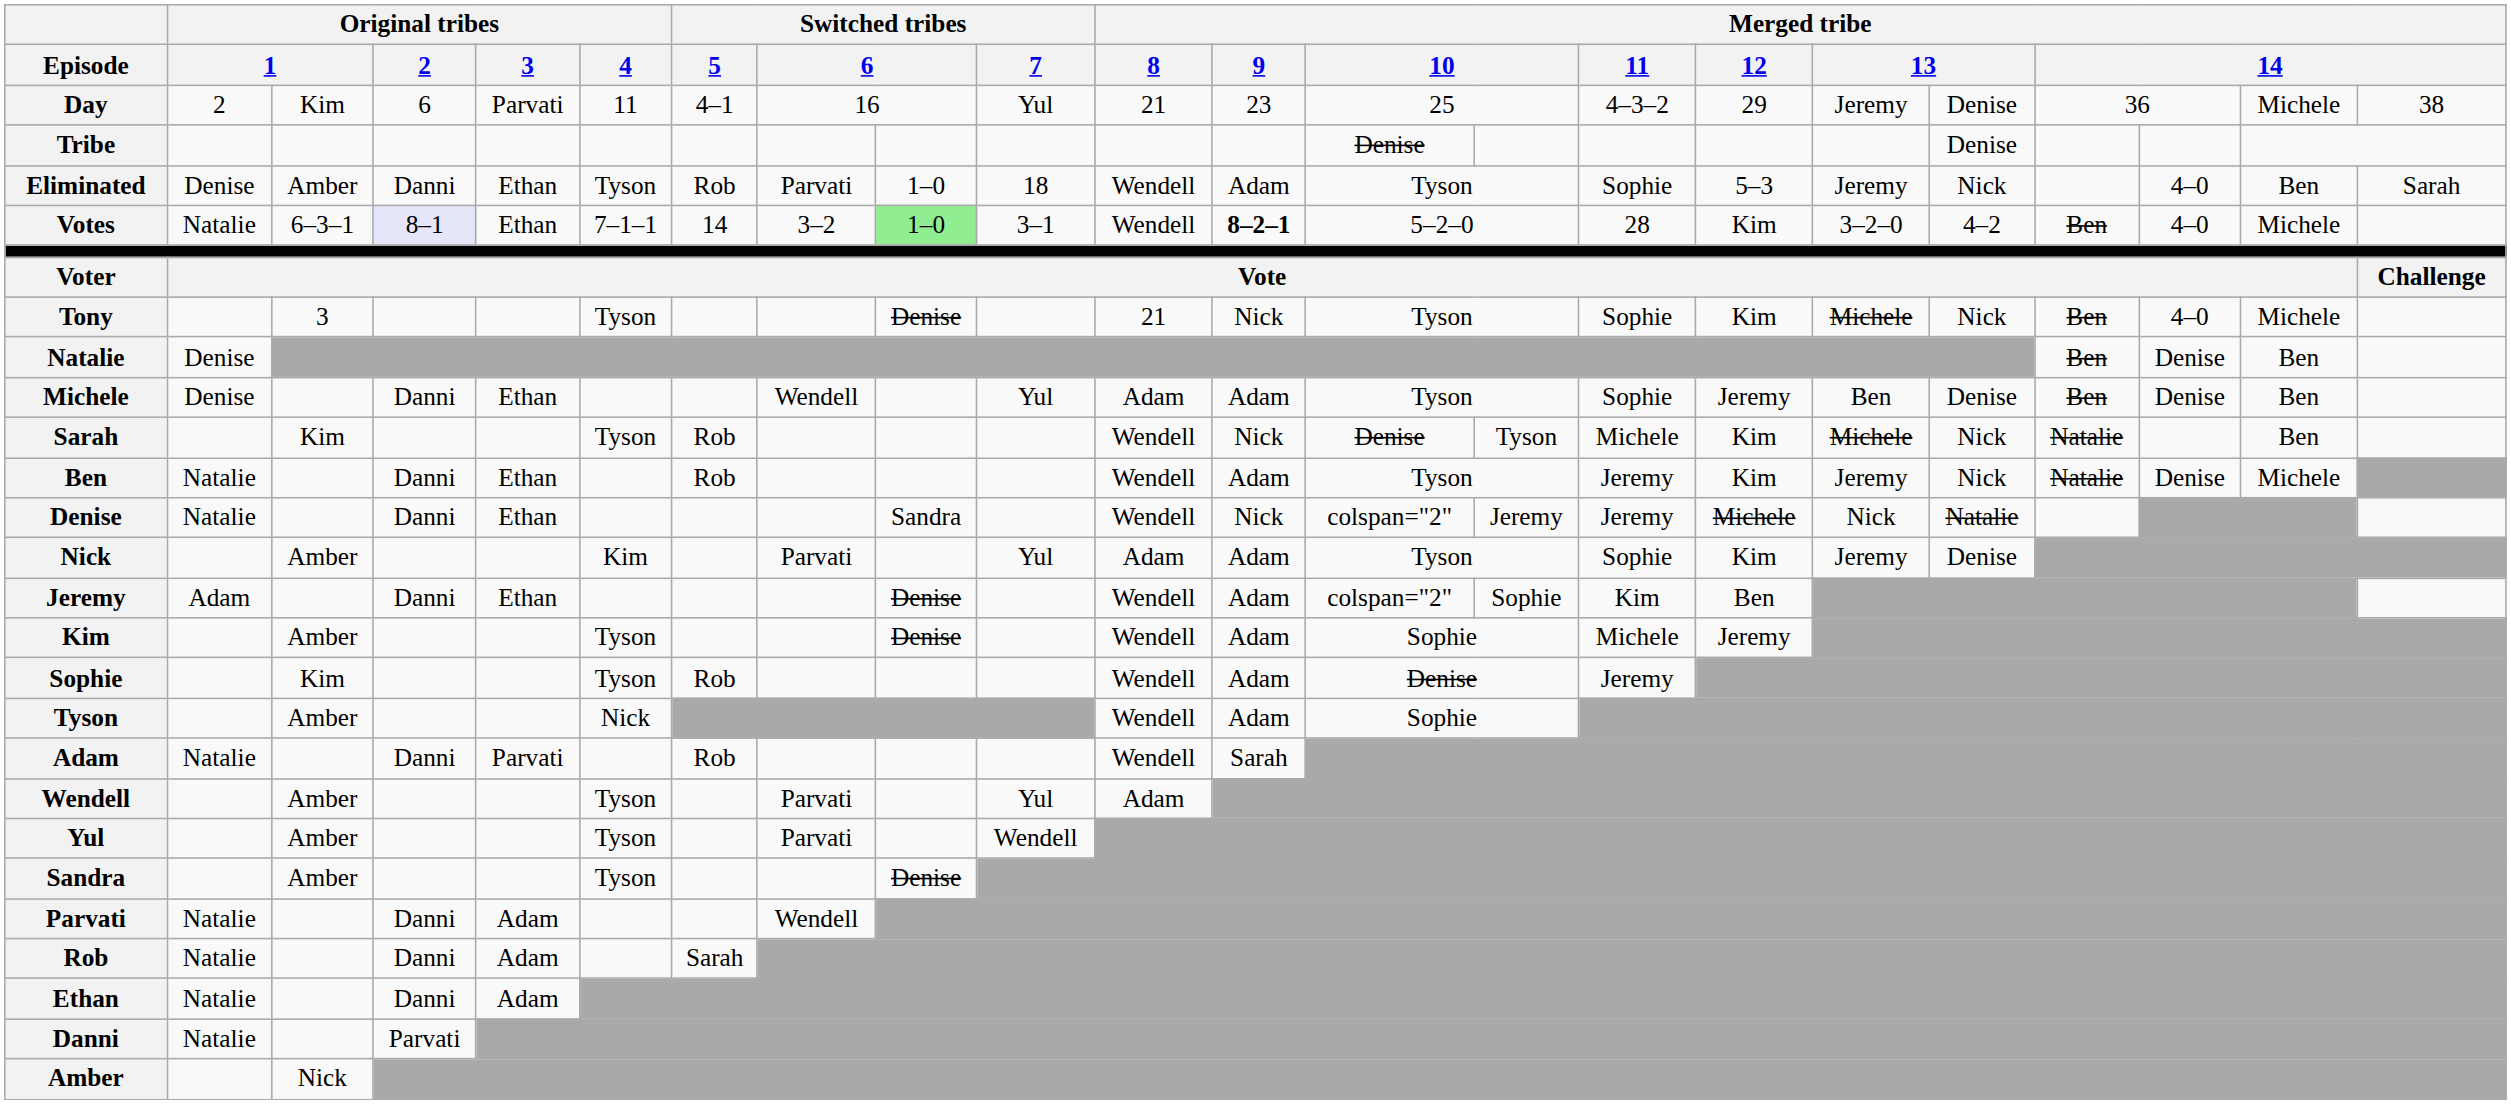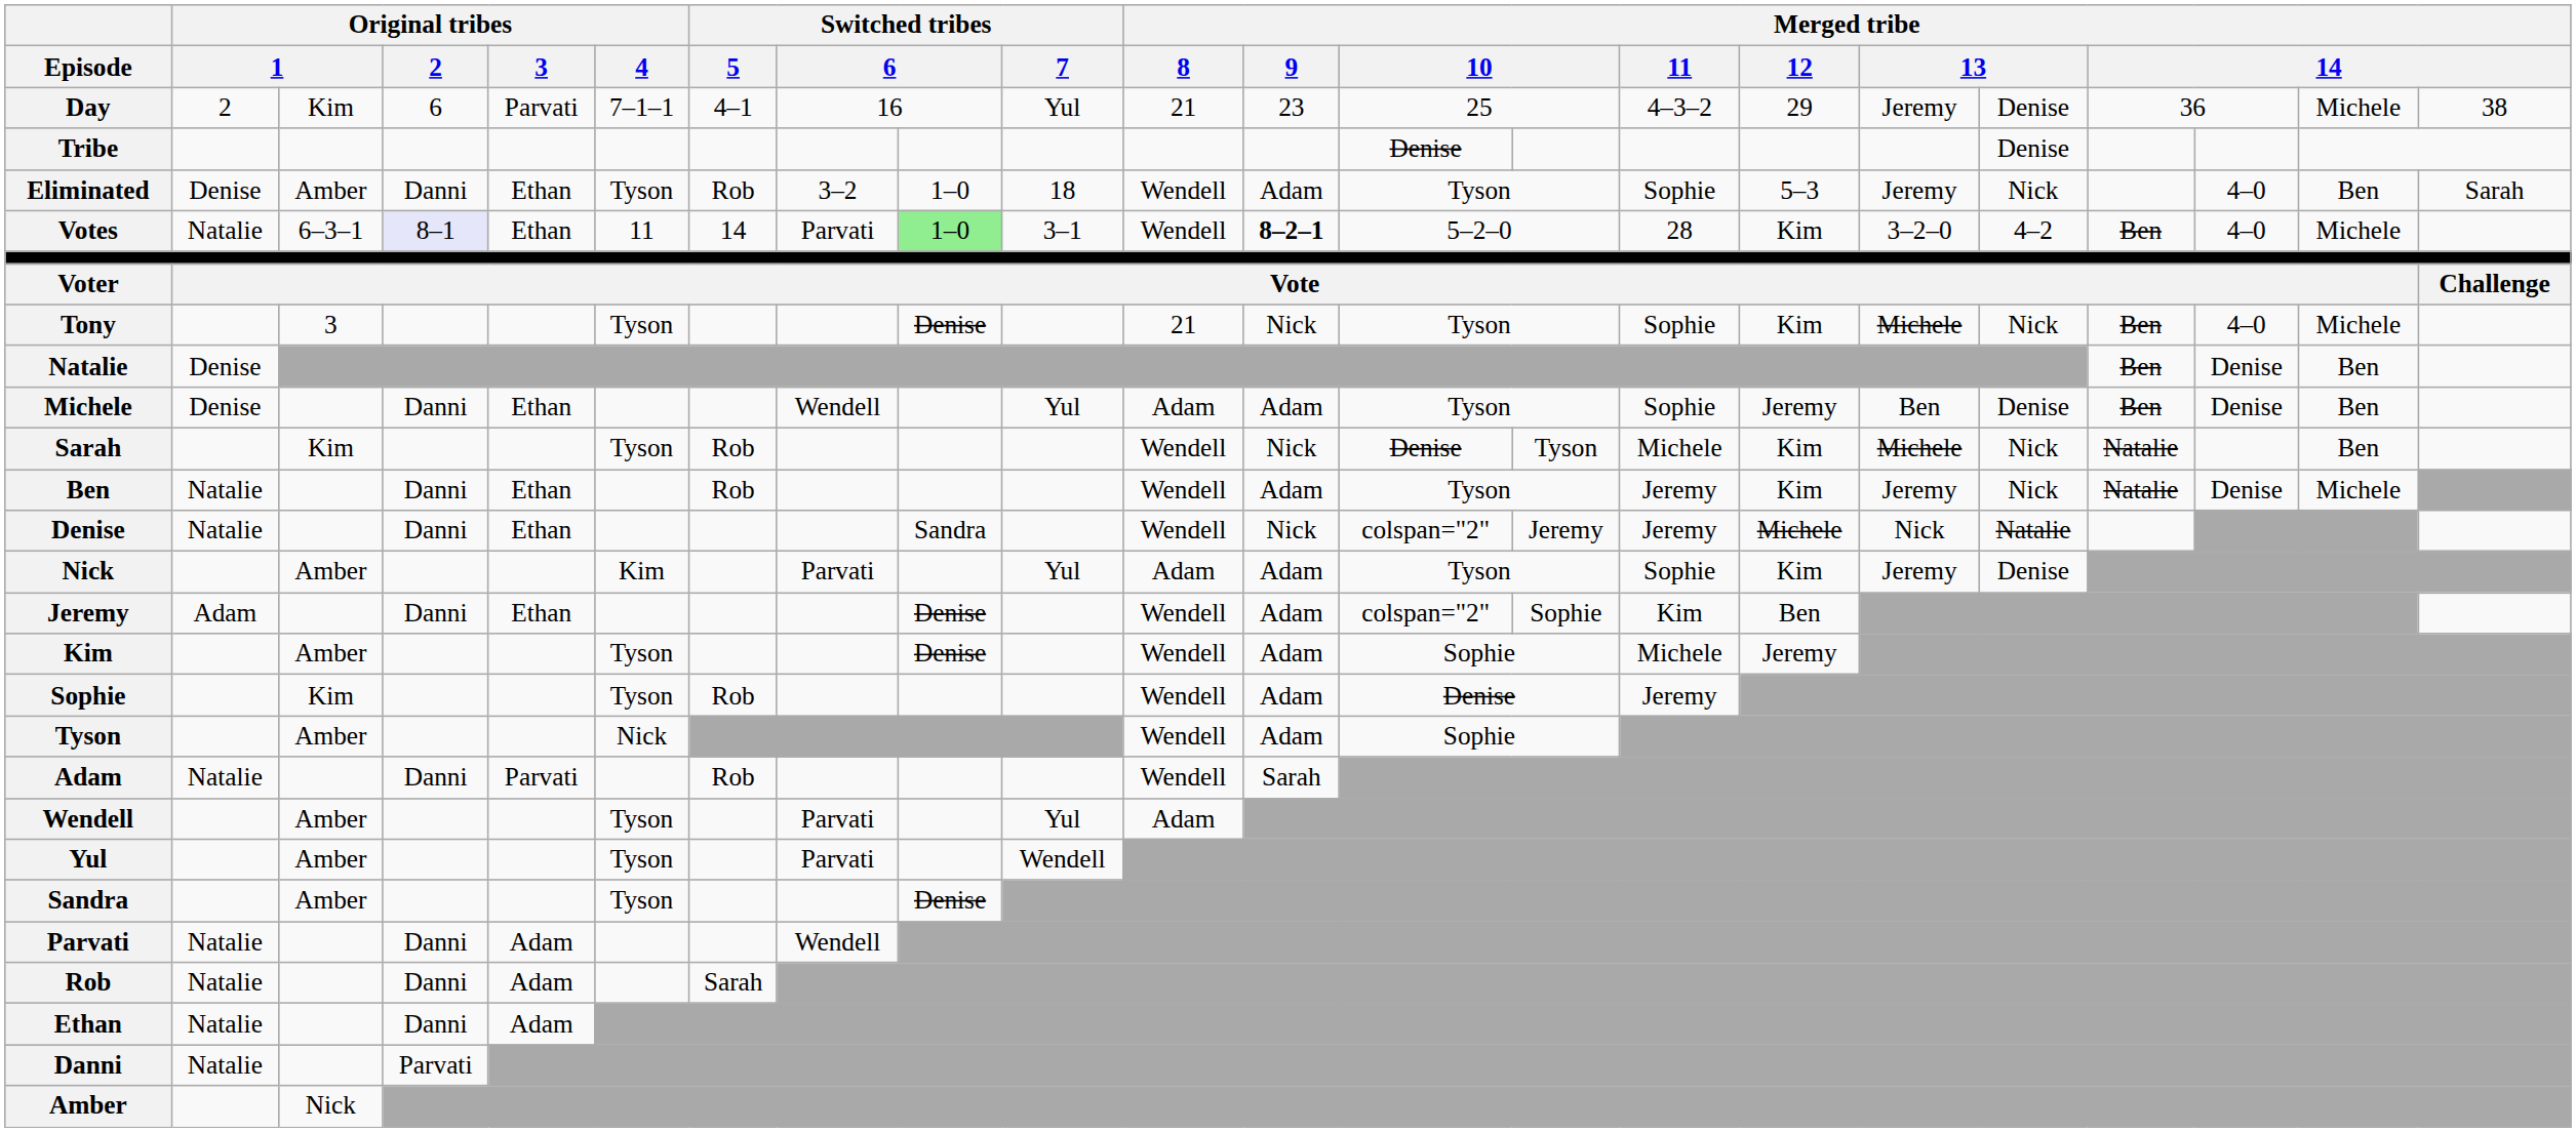 <table class="wikitable nowrap" width=100% style="text-align:center;">
 <tr>
 <th></th>
 <th colspan="5">Original tribes</th>
 <th colspan="4">Switched tribes</th>
 <th colspan="12">Merged tribe</th>
 </tr>
 <tr>
 <th>Episode</th>
 <th colspan="2"><a href='#'>1</a></th>
 <th><a href='#'>2</a></th>
 <th><a href='#'>3</a></th>
 <th><a href='#'>4</a></th>
 <th><a href='#'>5</a></th>
 <th colspan="2"><a href='#'>6</a></th>
 <th><a href='#'>7</a></th>
 <th><a href='#'>8</a></th>
 <th><a href='#'>9</a></th>
 <th colspan="2"><a href='#'>10</a></th>
 <th><a href='#'>11</a></th>
 <th><a href='#'>12</a></th>
 <th colspan="2"><a href='#'>13</a></th>
 <th colspan="4"><a href='#'>14</a></th>
 </tr>
 <tr>
 <th>Day</th>
 <td>2</td>
 <td>Kim</td>
 <td>6</td>
 <td>Parvati</td>
-<td>11</td>
+<td>7–1–1</td>
 <td>4–1</td>
 <td colspan="2">16</td>
 <td>Yul</td>
 <td>21</td>
 <td>23</td>
 <td colspan="2">25</td>
 <td>4–3–2</td>
 <td>29</td>
 <td>Jeremy</td>
 <td>Denise</td>
 <td colspan="2">36</td>
 <td>Michele</td>
 <td>38</td>
 </tr>
 <tr>
 <th>Tribe</th>
 <td></td>
 <td></td>
 <td></td>
 <td></td>
 <td></td>
 <td></td>
 <td></td>
 <td></td>
 <td></td>
 <td></td>
 <td></td>
 <td><s>Denise</s></td>
 <td></td>
 <td></td>
 <td></td>
 <td></td>
 <td>Denise</td>
 <td></td>
 <td></td>
 </tr>
 <tr>
 <th>Eliminated</th>
 <td>Denise</td>
 <td>Amber</td>
 <td>Danni</td>
 <td>Ethan</td>
 <td>Tyson</td>
 <td>Rob</td>
-<td>Parvati</td>
+<td>3–2</td>
 <td>1–0</td>
 <td>18</td>
 <td>Wendell</td>
 <td>Adam</td>
 <td colspan="2">Tyson</td>
 <td>Sophie</td>
 <td>5–3</td>
 <td>Jeremy</td>
 <td>Nick</td>
 <td></td>
 <td>4–0</td>
 <td>Ben</td>
 <td>Sarah</td>
 </tr>
 <tr>
 <th>Votes</th>
 <td>Natalie</td>
 <td>6–3–1</td>
 <td style="background: lavender;">8–1</td>
 <td>Ethan</td>
-<td>7–1–1</td>
+<td>11</td>
 <td>14</td>
-<td>3–2</td>
+<td>Parvati</td>
 <td style="background: lightgreen;">1–0</td>
 <td>3–1</td>
 <td>Wendell</td>
 <td><strong>8–2–1</strong></td>
 <td colspan="2">5–2–0</td>
 <td>28</td>
 <td>Kim</td>
 <td>3–2–0</td>
 <td>4–2</td>
 <td><s>Ben</s></td>
 <td>4–0</td>
 <td>Michele</td>
 <td></td>
 </tr>
 <tr>
 <td colspan="22" bgcolor="black"></td>
 </tr>
 <tr>
 <th>Voter</th>
 <th colspan="20">Vote</th>
 <th>Challenge</th>
 </tr>
 <tr>
 <th>Tony</th>
 <td></td>
 <td>3</td>
 <td></td>
 <td></td>
 <td>Tyson</td>
 <td></td>
 <td></td>
 <td><s>Denise</s></td>
 <td></td>
 <td>21</td>
 <td>Nick</td>
 <td colspan="2">Tyson</td>
 <td>Sophie</td>
 <td>Kim</td>
 <td><s>Michele</s></td>
 <td>Nick</td>
 <td><s>Ben</s></td>
 <td>4–0</td>
 <td>Michele</td>
 <td></td>
 </tr>
 <tr>
 <th>Natalie</th>
 <td>Denise</td>
 <td colspan="16" style="background:darkgrey;"></td>
 <td><s>Ben</s></td>
 <td>Denise</td>
 <td>Ben</td>
 <td></td>
 </tr>
 <tr>
 <th>Michele</th>
 <td>Denise</td>
 <td></td>
 <td>Danni</td>
 <td>Ethan</td>
 <td></td>
 <td></td>
 <td>Wendell</td>
 <td></td>
 <td>Yul</td>
 <td>Adam</td>
 <td>Adam</td>
 <td colspan="2">Tyson</td>
 <td>Sophie</td>
 <td>Jeremy</td>
 <td>Ben</td>
 <td>Denise</td>
 <td><s>Ben</s></td>
 <td>Denise</td>
 <td>Ben</td>
 <td></td>
 </tr>
 <tr>
 <th>Sarah</th>
 <td></td>
 <td>Kim</td>
 <td></td>
 <td></td>
 <td>Tyson</td>
 <td>Rob</td>
 <td></td>
 <td></td>
 <td></td>
 <td>Wendell</td>
 <td>Nick</td>
 <td><s>Denise</s></td>
 <td>Tyson</td>
 <td>Michele</td>
 <td>Kim</td>
 <td><s>Michele</s></td>
 <td>Nick</td>
 <td><s>Natalie</s></td>
 <td></td>
 <td>Ben</td>
 <td></td>
 </tr>
 <tr>
 <th>Ben</th>
 <td>Natalie</td>
 <td></td>
 <td>Danni</td>
 <td>Ethan</td>
 <td></td>
 <td>Rob</td>
 <td></td>
 <td></td>
 <td></td>
 <td>Wendell</td>
 <td>Adam</td>
 <td colspan="2">Tyson</td>
 <td>Jeremy</td>
 <td>Kim</td>
 <td>Jeremy</td>
 <td>Nick</td>
 <td><s>Natalie</s></td>
 <td>Denise</td>
 <td>Michele</td>
 <td bgcolor="darkgray"></td>
 </tr>
 <tr>
 <th>Denise</th>
 <td>Natalie</td>
 <td></td>
 <td>Danni</td>
 <td>Ethan</td>
 <td></td>
 <td></td>
 <td></td>
 <td>Sandra</td>
 <td></td>
 <td>Wendell</td>
 <td>Nick</td>
 <td>colspan="2" </td>
 <td>Jeremy</td>
 <td>Jeremy</td>
 <td><s>Michele</s></td>
 <td>Nick</td>
 <td><s>Natalie</s></td>
 <td></td>
 <td colspan="2" style="background:darkgrey;"></td>
 </tr>
 <tr>
 <th>Nick</th>
 <td></td>
 <td>Amber</td>
 <td></td>
 <td></td>
 <td>Kim</td>
 <td></td>
 <td>Parvati</td>
 <td></td>
 <td>Yul</td>
 <td>Adam</td>
 <td>Adam</td>
 <td colspan="2">Tyson</td>
 <td>Sophie</td>
 <td>Kim</td>
 <td>Jeremy</td>
 <td>Denise</td>
 <td colspan="4" style="background:darkgrey;"></td>
 </tr>
 <tr>
 <th>Jeremy</th>
 <td>Adam</td>
 <td></td>
 <td>Danni</td>
 <td>Ethan</td>
 <td></td>
 <td></td>
 <td></td>
 <td><s>Denise</s></td>
 <td></td>
 <td>Wendell</td>
 <td>Adam</td>
 <td>colspan="2" </td>
 <td>Sophie</td>
 <td>Kim</td>
 <td>Ben</td>
 <td colspan="5" style="background:darkgrey;"></td>
 </tr>
 <tr>
 <th>Kim</th>
 <td></td>
 <td>Amber</td>
 <td></td>
 <td></td>
 <td>Tyson</td>
 <td></td>
 <td></td>
 <td><s>Denise</s></td>
 <td></td>
 <td>Wendell</td>
 <td>Adam</td>
 <td colspan="2">Sophie</td>
 <td>Michele</td>
 <td>Jeremy</td>
 <td colspan="6" style="background:darkgrey;"></td>
 </tr>
 <tr>
 <th>Sophie</th>
 <td></td>
 <td>Kim</td>
 <td></td>
 <td></td>
 <td>Tyson</td>
 <td>Rob</td>
 <td></td>
 <td></td>
 <td></td>
 <td>Wendell</td>
 <td>Adam</td>
 <td colspan="2"><s>Denise</s></td>
 <td>Jeremy</td>
 <td colspan="7" style="background:darkgrey;"></td>
 </tr>
 <tr>
 <th>Tyson</th>
 <td></td>
 <td>Amber</td>
 <td></td>
 <td></td>
 <td>Nick</td>
 <td bgcolor=darkgrey colspan=4></td>
 <td>Wendell</td>
 <td>Adam</td>
 <td colspan="2">Sophie</td>
 <td colspan="8" style="background:darkgrey;"></td>
 </tr>
 <tr>
 <th>Adam</th>
 <td>Natalie</td>
 <td></td>
 <td>Danni</td>
 <td>Parvati</td>
 <td></td>
 <td>Rob</td>
 <td></td>
 <td></td>
 <td></td>
 <td>Wendell</td>
 <td>Sarah</td>
 <td colspan="10" style="background:darkgrey;"></td>
 </tr>
 <tr>
 <th>Wendell</th>
 <td></td>
 <td>Amber</td>
 <td></td>
 <td></td>
 <td>Tyson</td>
 <td></td>
 <td>Parvati</td>
 <td></td>
 <td>Yul</td>
 <td>Adam</td>
 <td colspan="11" style="background:darkgrey;"></td>
 </tr>
 <tr>
 <th>Yul</th>
 <td></td>
 <td>Amber</td>
 <td></td>
 <td></td>
 <td>Tyson</td>
 <td></td>
 <td>Parvati</td>
 <td></td>
 <td>Wendell</td>
 <td colspan="12" style="background:darkgrey;"></td>
 </tr>
 <tr>
 <th>Sandra</th>
 <td></td>
 <td>Amber</td>
 <td></td>
 <td></td>
 <td>Tyson</td>
 <td></td>
 <td></td>
 <td><s>Denise</s></td>
 <td colspan="13" style="background:darkgrey;"></td>
 </tr>
 <tr>
 <th>Parvati</th>
 <td>Natalie</td>
 <td></td>
 <td>Danni</td>
 <td>Adam</td>
 <td></td>
 <td></td>
 <td>Wendell</td>
 <td colspan="14" style="background:darkgrey;"></td>
 </tr>
 <tr>
 <th>Rob</th>
 <td>Natalie</td>
 <td></td>
 <td>Danni</td>
 <td>Adam</td>
 <td></td>
 <td>Sarah</td>
 <td colspan="15" style="background:darkgrey;"></td>
 </tr>
 <tr>
 <th>Ethan</th>
 <td>Natalie</td>
 <td></td>
 <td>Danni</td>
 <td>Adam</td>
 <td colspan="17" style="background:darkgrey;"></td>
 </tr>
 <tr>
 <th>Danni</th>
 <td>Natalie</td>
 <td></td>
 <td>Parvati</td>
 <td colspan="18" style="background:darkgrey;"></td>
 </tr>
 <tr>
 <th>Amber</th>
 <td></td>
 <td>Nick</td>
 <td colspan="19" style="background:darkgrey;"></td>
 </tr>
 </table>
